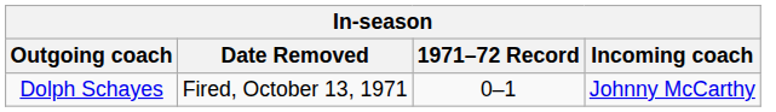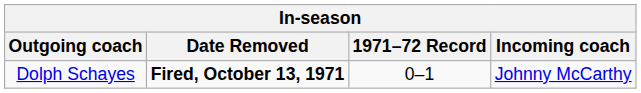 <table class="wikitable" border="1" style="text-align: center">
 <tr>
 <th colspan="4">In-season</th>
 </tr>
 <tr>
 <th>Outgoing coach</th>
 <th>Date Removed</th>
 <th>1971–72 Record</th>
 <th>Incoming coach</th>
 </tr>
 <tr>
 <td><a href='#'>Dolph Schayes</a></td>
-<td>Fired, October 13, 1971</td>
+<td><strong>Fired, October 13, 1971</strong></td>
 <td>0–1</td>
 <td><a href='#'>Johnny McCarthy</a></td>
 </tr>
 </table>
